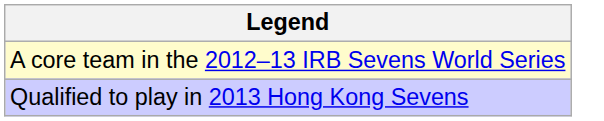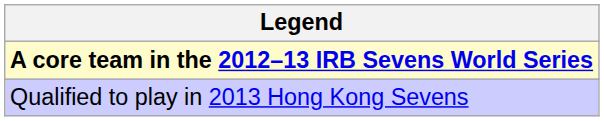 <table class="wikitable">
 <tr>
 <th>Legend</th>
 </tr>
 <tr bgcolor=fffccc>
-<td>A core team in the <a href='#'>2012–13 IRB Sevens World Series</a></td>
+<td><strong>A core team in the <a href='#'>2012–13 IRB Sevens World Series</a></strong></td>
 </tr>
 <tr bgcolor=ccccff>
 <td>Qualified to play in <a href='#'>2013 Hong Kong Sevens</a></td>
 </tr>
 </table>
